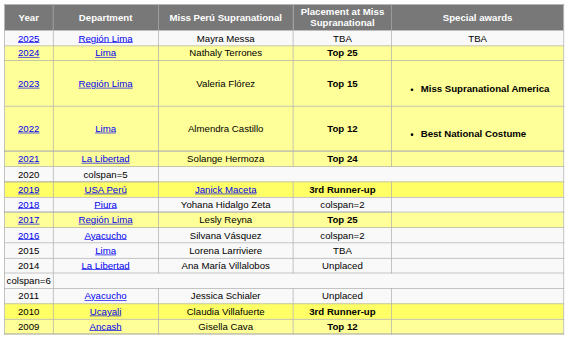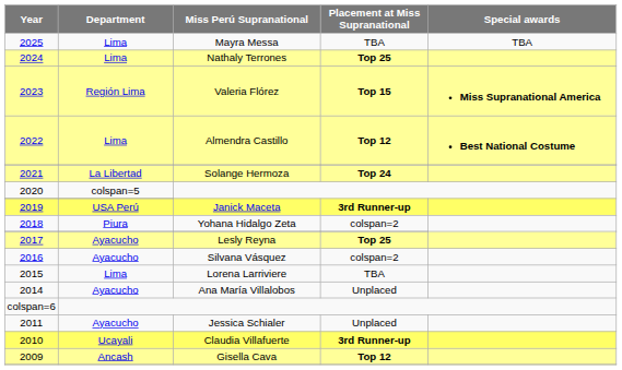 <table class="wikitable " style="font-size: 90%; text-align:center">
 <tr>
 <th width="40" style="background-color:#787878;color:#FFFFFF;">Year</th>
 <th width="150" style="background-color:#787878;color:#FFFFFF;">Department</th>
 <th width="195" style="background-color:#787878;color:#FFFFFF;">Miss Perú Supranational</th>
 <th width="140" style="background-color:#787878;color:#FFFFFF;">Placement at Miss Supranational</th>
 <th width="250" style="background-color:#787878;color:#FFFFFF;">Special awards</th>
 </tr>
 <tr>
 <td><a href='#'>2025</a></td>
-<td><a href='#'>Región Lima</a></td>
+<td><a href='#'>Lima</a></td>
 <td>Mayra Messa</td>
 <td>TBA</td>
 <td>TBA</td>
 </tr>
 <tr style="background-color:#FFFF99;">
 <td><a href='#'>2024</a></td>
 <td><a href='#'>Lima</a></td>
 <td>Nathaly Terrones</td>
 <td><strong>Top 25</strong></td>
 <td></td>
 </tr>
 <tr style="background-color:#FFFF99;">
 <td><a href='#'>2023</a></td>
 <td><a href='#'>Región Lima</a></td>
 <td>Valeria Flórez</td>
 <td><strong>Top 15</strong></td>
 <td align="left"><br><ul><li><strong>Miss Supranational America</strong></li></ul></td>
 </tr>
 <tr style="background-color:#FFFF99;">
 <td><a href='#'>2022</a></td>
 <td><a href='#'>Lima</a></td>
 <td>Almendra Castillo</td>
 <td><strong>Top 12</strong></td>
 <td align="left"><br><ul><li><strong>Best National Costume</strong></li></ul></td>
 </tr>
 <tr>
 </tr>
 <tr style="background-color:#FFFF99;">
 <td><a href='#'>2021</a></td>
 <td><a href='#'>La Libertad</a></td>
 <td>Solange Hermoza</td>
 <td><strong>Top 24</strong></td>
 <td></td>
 </tr>
 <tr>
 <td>2020</td>
 <td>colspan=5 </td>
 </tr>
 <tr>
 </tr>
 <tr style="background-color:#FFFF66;">
 <td><a href='#'>2019</a></td>
 <td><a href='#'>USA Perú</a></td>
 <td><a href='#'>Janick Maceta</a></td>
 <td><strong>3rd Runner-up</strong></td>
 <td></td>
 </tr>
 <tr>
 <td><a href='#'>2018</a></td>
 <td><a href='#'>Piura</a></td>
 <td>Yohana Hidalgo Zeta</td>
 <td>colspan=2 </td>
 </tr>
 <tr>
 </tr>
 <tr style="background-color:#FFFF99;">
 <td><a href='#'>2017</a></td>
-<td><a href='#'>Región Lima</a></td>
+<td><a href='#'>Ayacucho</a></td>
 <td>Lesly Reyna</td>
 <td><strong>Top 25</strong></td>
 <td></td>
 </tr>
 <tr>
 <td><a href='#'>2016</a></td>
 <td><a href='#'>Ayacucho</a></td>
 <td>Silvana Vásquez</td>
 <td>colspan=2 </td>
 <td></td>
 </tr>
 <tr>
 <td>2015</td>
 <td><a href='#'>Lima</a></td>
 <td>Lorena Larriviere</td>
 <td>TBA</td>
 <td></td>
 </tr>
 <tr>
 <td>2014</td>
-<td><a href='#'>La Libertad</a></td>
+<td><a href='#'>Ayacucho</a></td>
 <td>Ana María Villalobos</td>
 <td>Unplaced</td>
 <td></td>
 </tr>
 <tr>
 <td>colspan=6 </td>
 </tr>
 <tr>
 <td>2011</td>
 <td><a href='#'>Ayacucho</a></td>
 <td>Jessica Schialer</td>
 <td>Unplaced</td>
 <td></td>
 </tr>
 <tr style="background-color:#FFFF66;">
 <td>2010</td>
 <td><a href='#'>Ucayali</a></td>
 <td>Claudia Villafuerte</td>
 <td><strong>3rd Runner-up</strong></td>
 <td></td>
 </tr>
 <tr style="background-color:#FFFF99;">
 <td>2009</td>
 <td><a href='#'>Ancash</a></td>
 <td>Gisella Cava</td>
 <td><strong>Top 12</strong></td>
 <td></td>
 </tr>
 <tr>
 </tr>
 </table>
